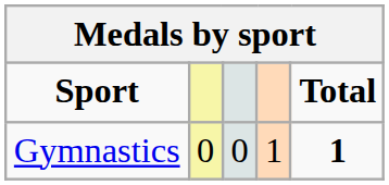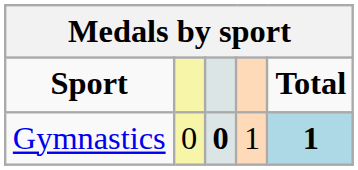 <table class="wikitable" style="font-size:85%">
 <tr style="background:#efefef;">
 <th colspan=7><strong>Medals by sport</strong></th>
 </tr>
 <tr align=center>
 <td><strong>Sport</strong></td>
 <td bgcolor=#f7f6a8></td>
 <td bgcolor=#dce5e5></td>
 <td bgcolor=#ffdab9></td>
 <td><strong>Total</strong></td>
 </tr>
 <tr align=center>
 <td><a href='#'>Gymnastics</a></td>
 <td style="background:#F7F6A8;">0</td>
-<td style="background:#DCE5E5;">0</td>
+<td style="background:#DCE5E5;"><strong>0</strong></td>
 <td style="background:#FFDAB9;">1</td>
-<td><strong>1</strong></td>
+<td style="background: lightblue;"><strong>1</strong></td>
 </tr>
 </table>
